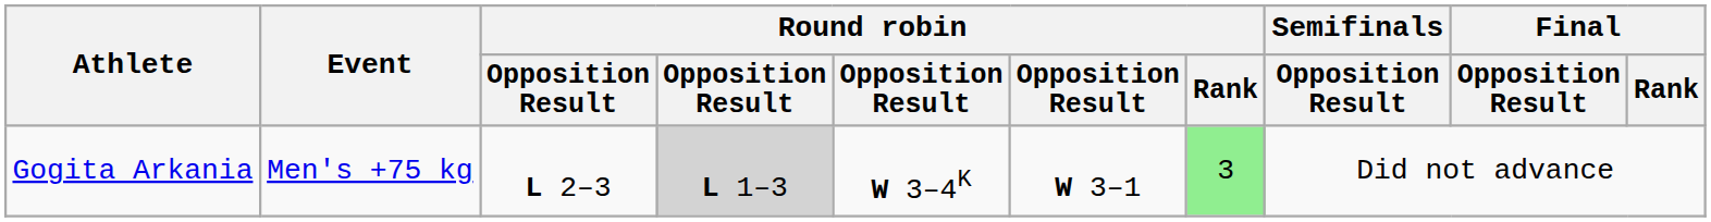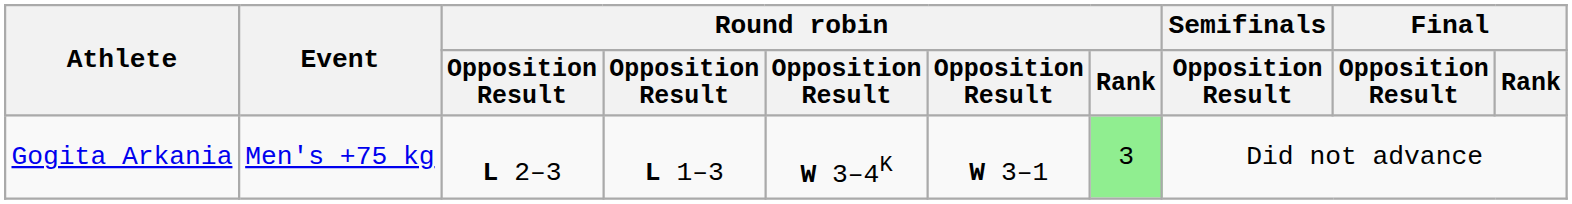 <table class="wikitable" style="font-size:90%">
 <tr>
 <th rowspan=2>Athlete</th>
 <th rowspan=2>Event</th>
 <th colspan=5>Round robin</th>
 <th>Semifinals</th>
 <th colspan=2>Final</th>
 </tr>
 <tr style="font-size:95%">
 <th>Opposition<br>Result</th>
 <th>Opposition<br>Result</th>
 <th>Opposition<br>Result</th>
 <th>Opposition<br>Result</th>
 <th>Rank</th>
 <th>Opposition<br>Result</th>
 <th>Opposition<br>Result</th>
 <th>Rank</th>
 </tr>
 <tr align=center>
 <td align=left><a href='#'>Gogita Arkania</a></td>
 <td align=left><a href='#'>Men's +75 kg</a></td>
 <td><br><strong>L</strong> 2–3</td>
-<td style="background: lightgrey;"><br><strong>L</strong> 1–3</td>
+<td><br><strong>L</strong> 1–3</td>
 <td><br><strong>W</strong> 3–4<sup>K</sup></td>
 <td><br><strong>W</strong> 3–1</td>
 <td style="background: lightgreen;">3</td>
 <td colspan="3">Did not advance</td>
 </tr>
 </table>
